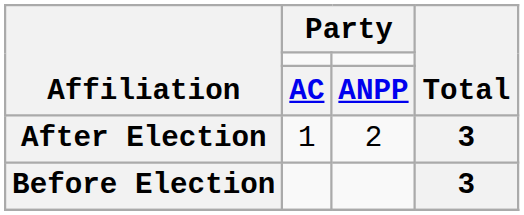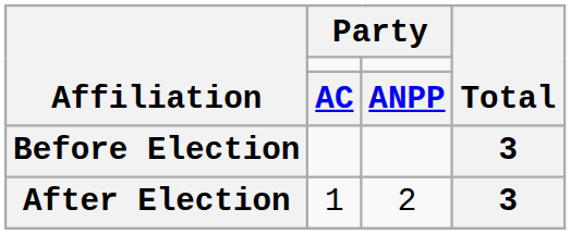 <table class=wikitable style="text-align:center">
 <tr style="vertical-align:bottom;">
 <th rowspan=3>Affiliation</th>
 <th colspan=2>Party</th>
 <th rowspan=3>Total</th>
 </tr>
 <tr>
 <td style="background-color:"></td>
 <td style="background-color:"></td>
 </tr>
 <tr>
 <th><a href='#'>AC</a></th>
 <th><a href='#'>ANPP</a></th>
 </tr>
 <tr>
+<th>Before Election</th>
+<td></td>
+<td></td>
+<th>3</th>
+</tr>
+<tr>
 <th>After Election</th>
 <td>1</td>
 <td>2</td>
 <th>3</th>
 </tr>
 <tr>
-<th>Before Election</th>
-<td></td>
-<td></td>
-<th>3</th>
-</tr>
-<tr>
 </tr>
 </table>
